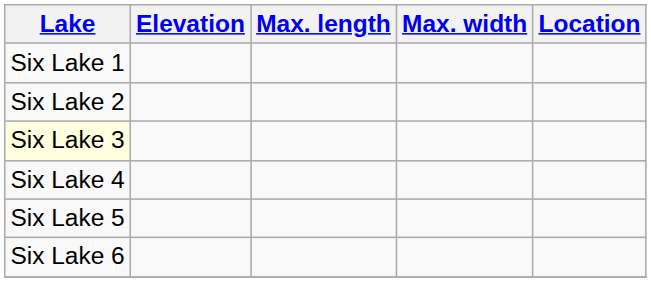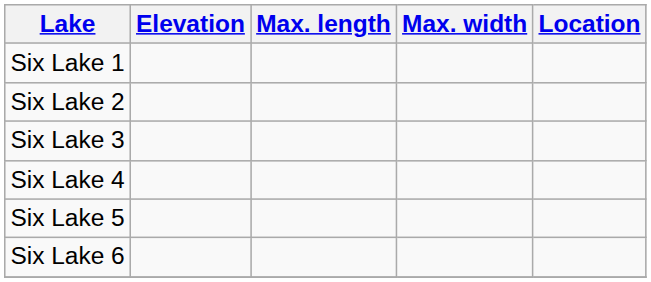 <table class="wikitable sortable">
 <tr>
 <th><a href='#'>Lake</a></th>
 <th><a href='#'>Elevation</a></th>
 <th><a href='#'>Max. length</a></th>
 <th><a href='#'>Max. width</a></th>
 <th><a href='#'>Location</a></th>
 </tr>
 <tr>
 <td>Six Lake 1</td>
 <td></td>
 <td></td>
 <td></td>
 <td></td>
 </tr>
 <tr>
 <td>Six Lake 2</td>
 <td></td>
 <td></td>
 <td></td>
 <td></td>
 </tr>
 <tr>
-<td style="background: lightyellow;">Six Lake 3</td>
+<td>Six Lake 3</td>
 <td></td>
 <td></td>
 <td></td>
 <td></td>
 </tr>
 <tr>
 <td>Six Lake 4</td>
 <td></td>
 <td></td>
 <td></td>
 <td></td>
 </tr>
 <tr>
 <td>Six Lake 5</td>
 <td></td>
 <td></td>
 <td></td>
 <td></td>
 </tr>
 <tr>
 <td>Six Lake 6</td>
 <td></td>
 <td></td>
 <td></td>
 <td></td>
 </tr>
 <tr>
 </tr>
 </table>
